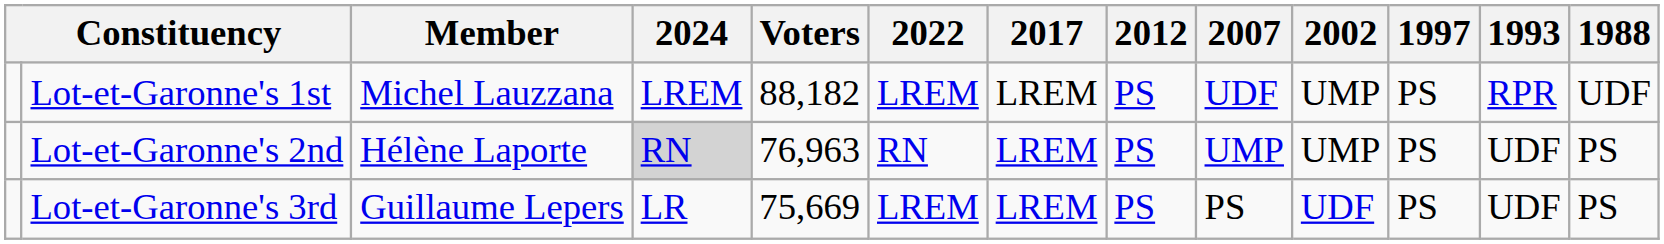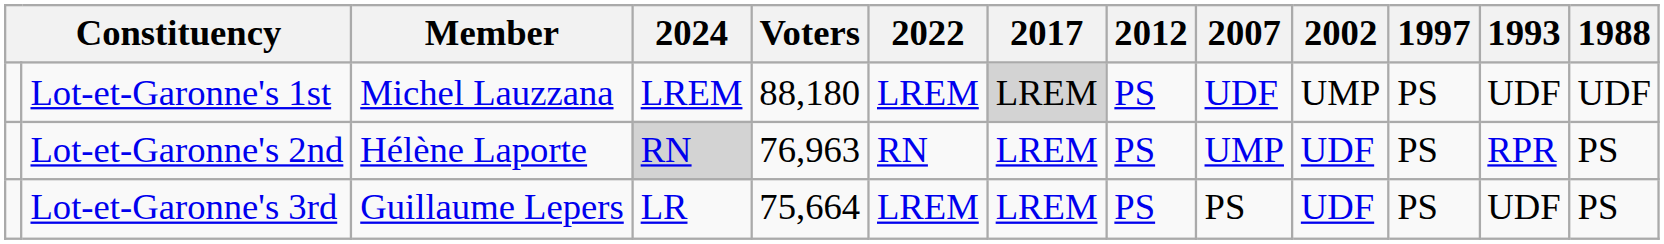 <table class="wikitable sortable">
 <tr>
 <th colspan="2">Constituency</th>
 <th>Member</th>
 <th>2024</th>
 <th>Voters</th>
 <th>2022</th>
 <th>2017</th>
 <th>2012</th>
 <th>2007</th>
 <th>2002</th>
 <th>1997</th>
 <th>1993</th>
 <th>1988</th>
 </tr>
 <tr>
 <td style="background-color: "></td>
 <td><a href='#'>Lot-et-Garonne's 1st</a></td>
 <td><a href='#'>Michel Lauzzana</a></td>
 <td><a href='#'>LREM</a></td>
-<td>88,182</td>
+<td>88,180</td>
 <td><a href='#'>LREM</a></td>
-<td>LREM</td>
+<td style="background: lightgrey;">LREM</td>
 <td><a href='#'>PS</a></td>
 <td><a href='#'>UDF</a></td>
 <td>UMP</td>
 <td>PS</td>
-<td><a href='#'>RPR</a></td>
+<td>UDF</td>
 <td>UDF</td>
 </tr>
 <tr>
 <td style="background-color: "></td>
 <td><a href='#'>Lot-et-Garonne's 2nd</a></td>
 <td><a href='#'>Hélène Laporte</a></td>
 <td style="background: lightgrey;"><a href='#'>RN</a></td>
 <td>76,963</td>
 <td><a href='#'>RN</a></td>
 <td><a href='#'>LREM</a></td>
 <td><a href='#'>PS</a></td>
 <td><a href='#'>UMP</a></td>
-<td>UMP</td>
+<td><a href='#'>UDF</a></td>
 <td>PS</td>
-<td>UDF</td>
+<td><a href='#'>RPR</a></td>
 <td>PS</td>
 </tr>
 <tr>
 <td style="background-color: "></td>
 <td><a href='#'>Lot-et-Garonne's 3rd</a></td>
 <td><a href='#'>Guillaume Lepers</a></td>
 <td><a href='#'>LR</a></td>
-<td>75,669</td>
+<td>75,664</td>
 <td><a href='#'>LREM</a></td>
 <td><a href='#'>LREM</a></td>
 <td><a href='#'>PS</a></td>
 <td>PS</td>
 <td><a href='#'>UDF</a></td>
 <td>PS</td>
 <td>UDF</td>
 <td>PS</td>
 </tr>
 </table>
